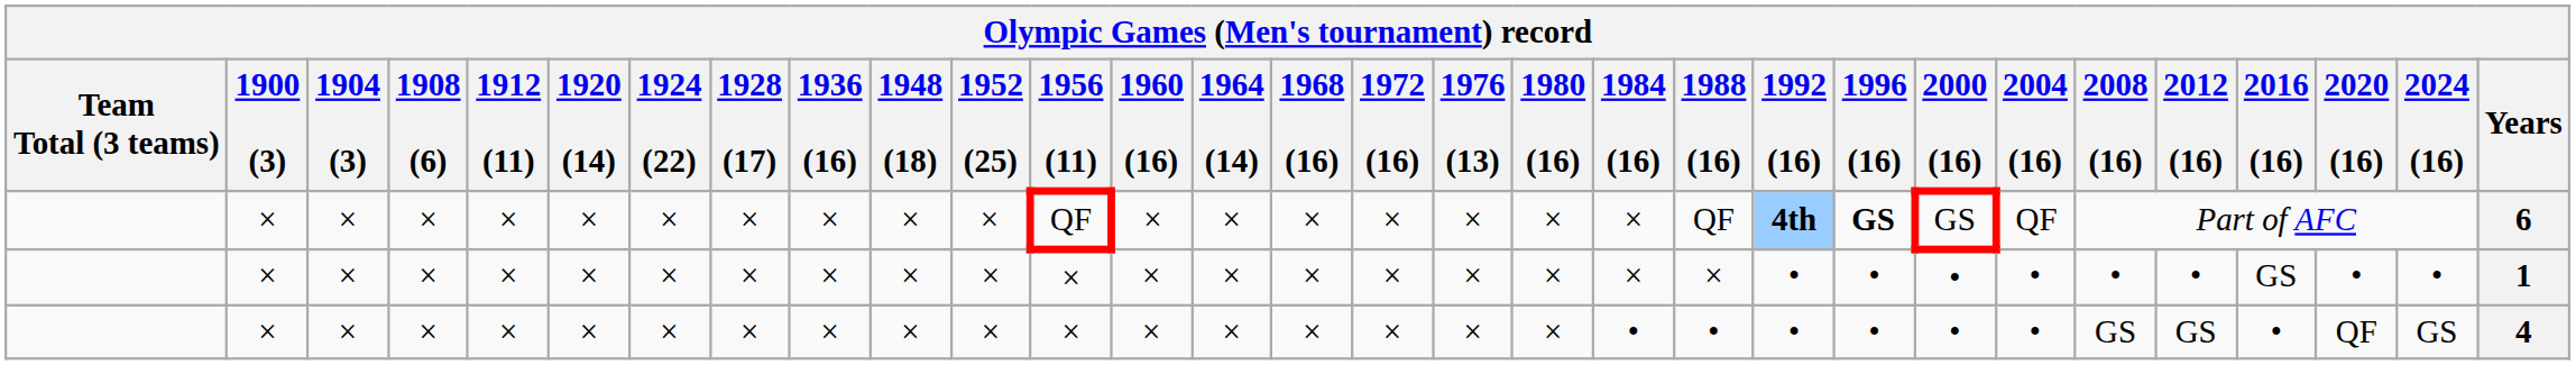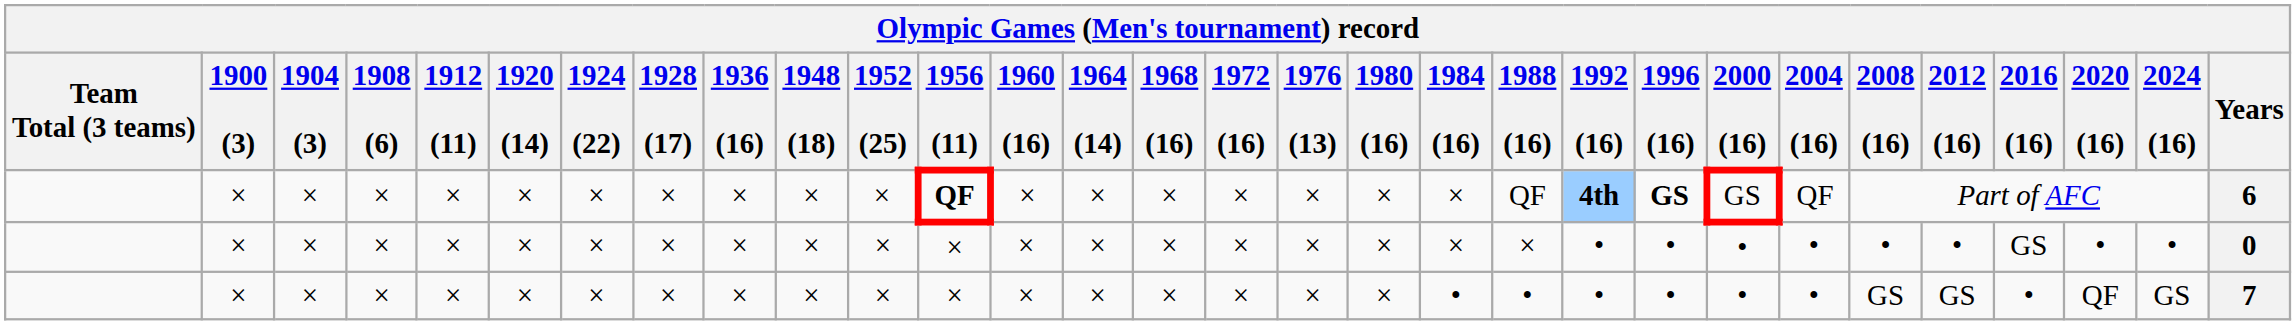 <table class="wikitable" style="text-align:center; font-size:80%;">
 <tr>
 <th colspan=31><a href='#'>Olympic Games</a> (<a href='#'>Men's tournament</a>) record</th>
 </tr>
 <tr>
 <th>Team<br>Total (3 teams)</th>
 <th><a href='#'>1900</a><br><br>(3)</th>
 <th colspan="2"><a href='#'>1904</a><br><br>(3)</th>
 <th><a href='#'>1908</a><br><br>(6)</th>
 <th><a href='#'>1912</a><br><br>(11)</th>
 <th><a href='#'>1920</a><br><br>(14)</th>
 <th><a href='#'>1924</a><br><br>(22)</th>
 <th><a href='#'>1928</a><br><br>(17)</th>
 <th><a href='#'>1936</a><br><br>(16)</th>
 <th><a href='#'>1948</a><br><br>(18)</th>
 <th><a href='#'>1952</a><br><br>(25)</th>
 <th><a href='#'>1956</a><br><br>(11)</th>
 <th><a href='#'>1960</a><br><br>(16)</th>
 <th><a href='#'>1964</a><br><br>(14)</th>
 <th><a href='#'>1968</a><br><br>(16)</th>
 <th><a href='#'>1972</a><br><br>(16)</th>
 <th><a href='#'>1976</a><br><br>(13)</th>
 <th><a href='#'>1980</a><br><br>(16)</th>
 <th><a href='#'>1984</a><br><br>(16)</th>
 <th><a href='#'>1988</a><br><br>(16)</th>
 <th><a href='#'>1992</a><br><br>(16)</th>
 <th><a href='#'>1996</a><br><br>(16)</th>
 <th><a href='#'>2000</a><br><br>(16)</th>
 <th><a href='#'>2004</a><br><br>(16)</th>
 <th><a href='#'>2008</a><br><br>(16)</th>
 <th><a href='#'>2012</a><br><br>(16)</th>
 <th><a href='#'>2016</a><br><br>(16)</th>
 <th><a href='#'>2020</a><br><br>(16)</th>
 <th><a href='#'>2024</a><br><br>(16)</th>
 <th>Years</th>
 </tr>
 <tr>
 <td style="text-align:left"></td>
 <td>×</td>
 <td colspan="2">×</td>
 <td>×</td>
 <td>×</td>
 <td>×</td>
 <td>×</td>
 <td>×</td>
 <td>×</td>
 <td>×</td>
 <td>×</td>
-<td style="border: 3px solid red">QF</td>
+<td style="border: 3px solid red"><strong>QF</strong></td>
 <td>×</td>
 <td>×</td>
 <td>×</td>
 <td>×</td>
 <td>×</td>
 <td>×</td>
 <td>×</td>
 <td>QF</td>
 <td style="background:#9acdff;"><strong>4th</strong></td>
 <td><strong>GS</strong></td>
 <td style="border: 3px solid red">GS</td>
 <td>QF</td>
 <td colspan="5"><em>Part of <a href='#'>AFC</a></em></td>
 <th>6</th>
 </tr>
 <tr>
 <td style="text-align:left"></td>
 <td>×</td>
 <td colspan="2">×</td>
 <td>×</td>
 <td>×</td>
 <td>×</td>
 <td>×</td>
 <td>×</td>
 <td>×</td>
 <td>×</td>
 <td>×</td>
 <td>×</td>
 <td>×</td>
 <td>×</td>
 <td>×</td>
 <td>×</td>
 <td>×</td>
 <td>×</td>
 <td>×</td>
 <td>×</td>
 <td>•</td>
 <td>•</td>
 <td>•</td>
 <td>•</td>
 <td>•</td>
 <td>•</td>
 <td>GS</td>
 <td>•</td>
 <td>•</td>
-<th>1</th>
+<th>0</th>
 </tr>
 <tr>
 <td style="text-align:left"></td>
 <td>×</td>
 <td colspan="2">×</td>
 <td>×</td>
 <td>×</td>
 <td>×</td>
 <td>×</td>
 <td>×</td>
 <td>×</td>
 <td>×</td>
 <td>×</td>
 <td>×</td>
 <td>×</td>
 <td>×</td>
 <td>×</td>
 <td>×</td>
 <td>×</td>
 <td>×</td>
 <td>•</td>
 <td>•</td>
 <td>•</td>
 <td>•</td>
 <td>•</td>
 <td>•</td>
 <td>GS</td>
 <td>GS</td>
 <td>•</td>
 <td>QF</td>
 <td>GS</td>
-<th>4</th>
+<th>7</th>
 </tr>
 </table>
